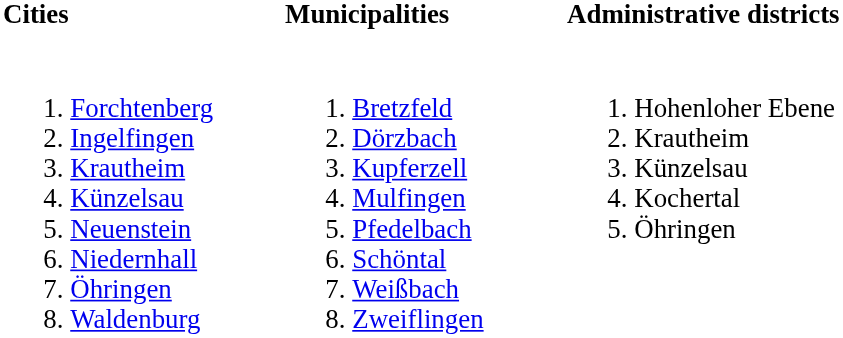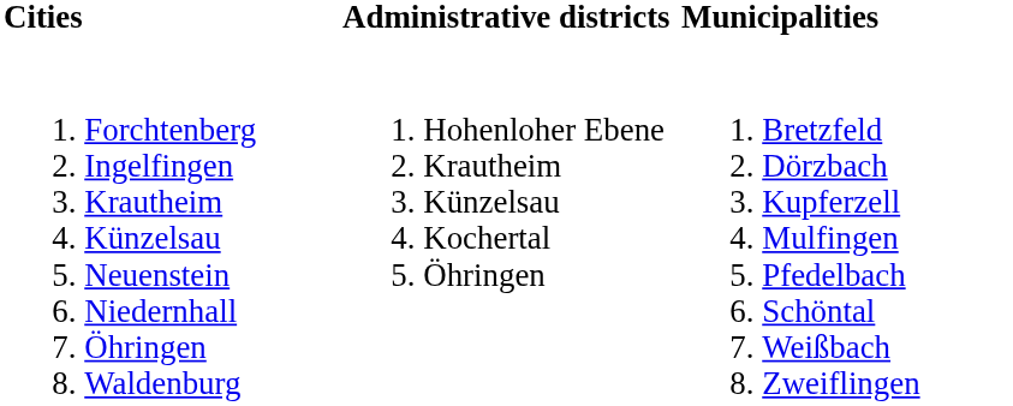 <table>
 <tr>
 <th width=33% align=left>Cities</th>
+<th width=33% align=left>Administrative districts</th>
 <th width=33% align=left>Municipalities</th>
-<th width=33% align=left>Administrative districts</th>
 </tr>
 <tr valign=top>
 <td><br><ol><li><a href='#'>Forchtenberg</a></li><li><a href='#'>Ingelfingen</a></li><li><a href='#'>Krautheim</a></li><li><a href='#'>Künzelsau</a></li><li><a href='#'>Neuenstein</a></li><li><a href='#'>Niedernhall</a></li><li><a href='#'>Öhringen</a></li><li><a href='#'>Waldenburg</a></li></ol></td>
+<td><br><ol><li>Hohenloher Ebene</li><li>Krautheim</li><li>Künzelsau</li><li>Kochertal</li><li>Öhringen</li></ol></td>
 <td><br><ol><li><a href='#'>Bretzfeld</a></li><li><a href='#'>Dörzbach</a></li><li><a href='#'>Kupferzell</a></li><li><a href='#'>Mulfingen</a></li><li><a href='#'>Pfedelbach</a></li><li><a href='#'>Schöntal</a></li><li><a href='#'>Weißbach</a></li><li><a href='#'>Zweiflingen</a></li></ol></td>
-<td><br><ol><li>Hohenloher Ebene</li><li>Krautheim</li><li>Künzelsau</li><li>Kochertal</li><li>Öhringen</li></ol></td>
 </tr>
 </table>
